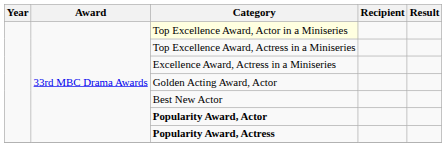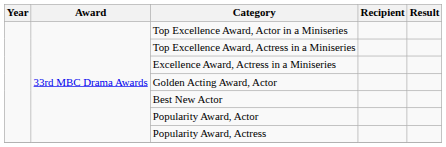 <table class="wikitable">
 <tr>
 <th>Year</th>
 <th>Award</th>
 <th>Category</th>
 <th>Recipient</th>
 <th>Result</th>
 </tr>
 <tr>
 <td rowspan="7"></td>
 <td rowspan="7"><a href='#'>33rd MBC Drama Awards</a></td>
-<td style="background: lightyellow;">Top Excellence Award, Actor in a Miniseries</td>
+<td>Top Excellence Award, Actor in a Miniseries</td>
 <td></td>
 <td></td>
 </tr>
 <tr>
 <td>Top Excellence Award, Actress in a Miniseries</td>
 <td></td>
 <td></td>
 </tr>
 <tr>
 <td>Excellence Award, Actress in a Miniseries</td>
 <td></td>
 <td></td>
 </tr>
 <tr>
 <td>Golden Acting Award, Actor</td>
 <td></td>
 <td></td>
 </tr>
 <tr>
 <td>Best New Actor</td>
 <td></td>
 <td></td>
 </tr>
 <tr>
-<td><strong>Popularity Award, Actor</strong></td>
+<td>Popularity Award, Actor</td>
 <td></td>
 <td></td>
 </tr>
 <tr>
-<td><strong>Popularity Award, Actress</strong></td>
+<td>Popularity Award, Actress</td>
 <td></td>
 <td></td>
 </tr>
 <tr>
 </tr>
 </table>
